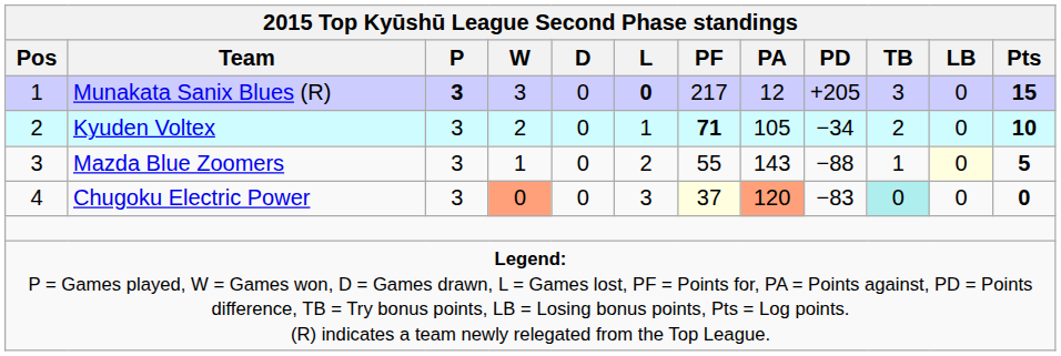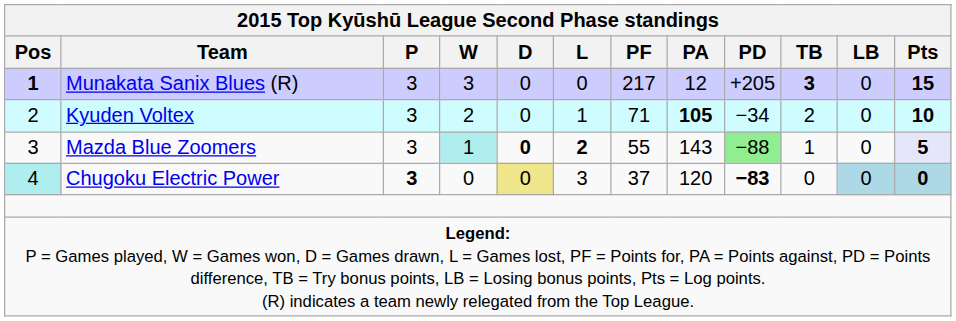 <table class="wikitable" style="text-align:center; font-size:100%; width:60%;">
 <tr>
 <th colspan="100%" cellpadding="0" cellspacing="0"><strong>2015 Top Kyūshū League Second Phase standings</strong></th>
 </tr>
 <tr>
 <th style="width:6%;">Pos</th>
 <th style="width:34%;">Team</th>
 <th style="width:6%;">P</th>
 <th style="width:6%;">W</th>
 <th style="width:6%;">D</th>
 <th style="width:6%;">L</th>
 <th style="width:6%;">PF</th>
 <th style="width:6%;">PA</th>
 <th style="width:6%;">PD</th>
 <th style="width:6%;">TB</th>
 <th style="width:6%;">LB</th>
 <th style="width:6%;">Pts<br></th>
 </tr>
 <tr style="background:#CCCCFF;">
-<td>1</td>
+<td><strong>1</strong></td>
 <td style="text-align:left;"><a href='#'>Munakata Sanix Blues</a> (R)</td>
-<td><strong>3</strong></td>
+<td>3</td>
 <td>3</td>
 <td>0</td>
-<td><strong>0</strong></td>
+<td>0</td>
 <td>217</td>
 <td>12</td>
 <td>+205</td>
-<td>3</td>
+<td><strong>3</strong></td>
 <td>0</td>
 <td><strong>15</strong></td>
 </tr>
 <tr style="background:#CFFCFF;">
 <td>2</td>
 <td style="text-align:left;"><a href='#'>Kyuden Voltex</a></td>
 <td>3</td>
 <td>2</td>
 <td>0</td>
 <td>1</td>
-<td><strong>71</strong></td>
-<td>105</td>
+<td>71</td>
+<td><strong>105</strong></td>
 <td>−34</td>
 <td>2</td>
 <td>0</td>
 <td><strong>10</strong></td>
 </tr>
 <tr>
 <td>3</td>
 <td style="text-align:left;"><a href='#'>Mazda Blue Zoomers</a></td>
 <td>3</td>
+<td style="background: paleturquoise;">1</td>
+<td><strong>0</strong></td>
+<td><strong>2</strong></td>
+<td>55</td>
+<td>143</td>
+<td style="background: lightgreen;">−88</td>
 <td>1</td>
 <td>0</td>
-<td>2</td>
-<td>55</td>
-<td>143</td>
-<td>−88</td>
-<td>1</td>
-<td style="background: lightyellow;">0</td>
-<td><strong>5</strong></td>
+<td style="background: lavender;"><strong>5</strong></td>
 </tr>
 <tr>
-<td>4</td>
+<td style="background: paleturquoise;">4</td>
 <td style="text-align:left;"><a href='#'>Chugoku Electric Power</a></td>
+<td><strong>3</strong></td>
+<td>0</td>
+<td style="background: khaki;">0</td>
 <td>3</td>
-<td style="background: lightsalmon;">0</td>
+<td>37</td>
+<td>120</td>
+<td><strong>−83</strong></td>
 <td>0</td>
-<td>3</td>
-<td style="background: lightyellow;">37</td>
-<td style="background: lightsalmon;">120</td>
-<td>−83</td>
-<td style="background: paleturquoise;">0</td>
-<td>0</td>
-<td><strong>0</strong></td>
+<td style="background: lightblue;">0</td>
+<td style="background: lightblue;"><strong>0</strong></td>
 </tr>
 <tr>
 <td colspan="100%" style="height:10px;"></td>
 </tr>
 <tr>
 <td colspan="100%"><small><strong>Legend:</strong> <br> P = Games played, W = Games won, D = Games drawn, L = Games lost, PF = Points for, PA = Points against, PD = Points difference, TB = Try bonus points, LB = Losing bonus points, Pts = Log points. <br> (R) indicates a team newly relegated from the Top League.</small></td>
 </tr>
 </table>
